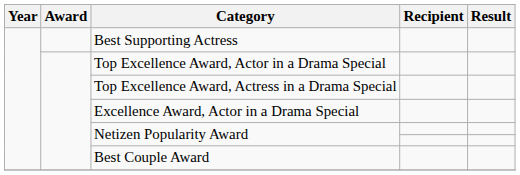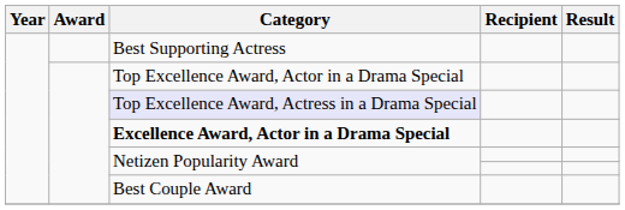 <table class="wikitable">
 <tr>
 <th>Year</th>
 <th>Award</th>
 <th>Category</th>
 <th>Recipient</th>
 <th>Result</th>
 </tr>
 <tr>
 <td rowspan="7"></td>
 <td></td>
 <td>Best Supporting Actress</td>
 <td></td>
 <td></td>
 </tr>
 <tr>
 <td rowspan="6"></td>
 <td>Top Excellence Award, Actor in a Drama Special</td>
 <td></td>
 <td></td>
 </tr>
 <tr>
-<td>Top Excellence Award, Actress in a Drama Special</td>
+<td style="background: lavender;">Top Excellence Award, Actress in a Drama Special</td>
 <td></td>
 <td></td>
 </tr>
 <tr>
-<td>Excellence Award, Actor in a Drama Special</td>
+<td><strong>Excellence Award, Actor in a Drama Special</strong></td>
 <td></td>
 <td></td>
 </tr>
 <tr>
 <td rowspan="2">Netizen Popularity Award</td>
 <td></td>
 <td></td>
 </tr>
 <tr>
 <td></td>
 <td></td>
 </tr>
 <tr>
 <td>Best Couple Award</td>
 <td></td>
 <td></td>
 </tr>
 <tr>
 </tr>
 </table>
